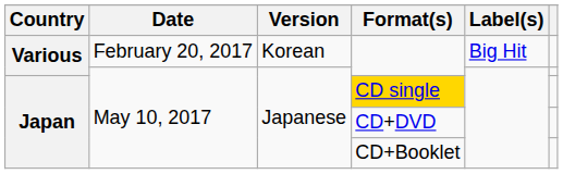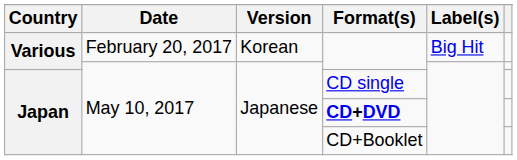 <table class="wikitable plainrowheaders" border="1">
 <tr>
 </tr>
 <tr>
 <th scope="col">Country</th>
 <th scope="col">Date</th>
 <th scope="col">Version</th>
 <th scope="col">Format(s)</th>
 <th scope="col">Label(s)</th>
 <th scope="col"></th>
 </tr>
 <tr>
 <th rowspan="2" scope="row">Various</th>
 <td>February 20, 2017</td>
 <td>Korean</td>
 <td rowspan="2"></td>
 <td><a href='#'>Big Hit</a></td>
 <td style="text-align: center;"></td>
 </tr>
 <tr>
 <td rowspan="4">May 10, 2017</td>
 <td rowspan="4">Japanese</td>
 <td rowspan="4"></td>
 <td style="text-align: center;"></td>
 </tr>
 <tr>
 <th scope="row" rowspan="4">Japan</th>
-<td style="background: gold;"><a href='#'>CD single</a></td>
+<td><a href='#'>CD single</a></td>
 <td style="text-align: center;"></td>
 </tr>
 <tr>
-<td><a href='#'>CD</a>+<a href='#'>DVD</a></td>
+<td><strong><a href='#'>CD</a>+<a href='#'>DVD</a></strong></td>
 <td style="text-align: center;"></td>
 </tr>
 <tr>
 <td>CD+Booklet</td>
 <td style="text-align: center;"></td>
 </tr>
 </table>
